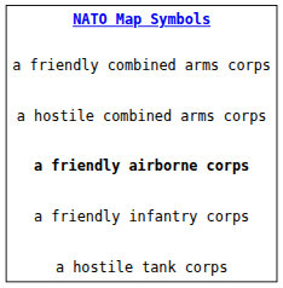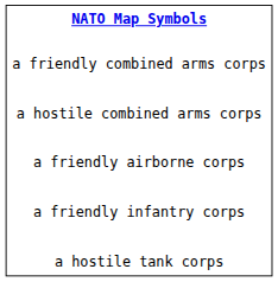 <table class="floatright" style="border:1px solid black; background:white;float: right;text-align: center" cellpadding="3">
 <tr>
 <th><a href='#'>NATO Map Symbols</a></th>
 </tr>
 <tr>
 <td></td>
 </tr>
 <tr>
 </tr>
 <tr>
 <td></td>
 </tr>
 <tr>
 <td>a friendly combined arms corps</td>
 </tr>
 <tr>
 <td><br></td>
 </tr>
 <tr>
 <td>a hostile combined arms corps</td>
 </tr>
 <tr>
 <td><br></td>
 </tr>
 <tr>
-<td><strong>a friendly airborne corps</strong></td>
+<td>a friendly airborne corps</td>
 </tr>
 <tr>
 <td><br></td>
 </tr>
 <tr>
 <td>a friendly infantry corps</td>
 </tr>
 <tr>
 <td><br></td>
 </tr>
 <tr>
 <td>a hostile tank corps</td>
 </tr>
 </table>
